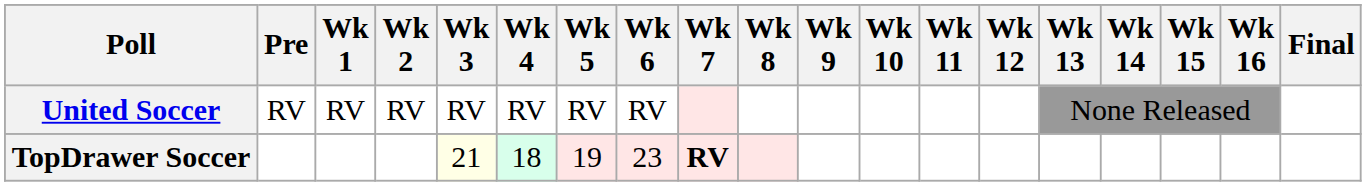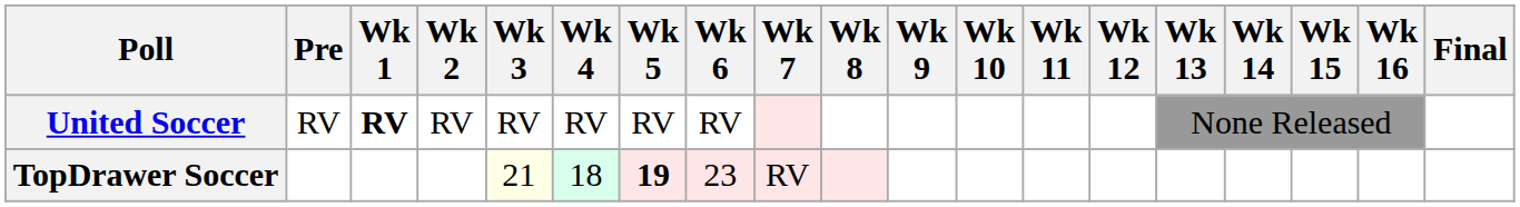 <table class="wikitable" style="white-space:nowrap;text-align:center;">
 <tr>
 <th>Poll</th>
 <th>Pre</th>
 <th>Wk<br>1</th>
 <th>Wk<br>2</th>
 <th>Wk<br>3</th>
 <th>Wk<br>4</th>
 <th>Wk<br>5</th>
 <th>Wk<br>6</th>
 <th>Wk<br>7</th>
 <th>Wk<br>8</th>
 <th>Wk<br>9</th>
 <th>Wk<br>10</th>
 <th>Wk<br>11</th>
 <th>Wk<br>12</th>
 <th>Wk<br>13</th>
 <th>Wk<br>14</th>
 <th>Wk<br>15</th>
 <th>Wk<br>16</th>
 <th>Final<br></th>
 </tr>
 <tr>
 <th><a href='#'>United Soccer</a></th>
 <td style="background:#FFFFFF;">RV</td>
-<td style="background:#FFFFFF;">RV</td>
+<td style="background:#FFFFFF;"><strong>RV</strong></td>
 <td style="background:#FFFFFF;">RV</td>
 <td style="background:#FFFFFF;">RV</td>
 <td style="background:#FFFFFF;">RV</td>
 <td style="background:#FFFFFF;">RV</td>
 <td style="background:#FFFFFF;">RV</td>
 <td style="background:#FFE6E6;"></td>
 <td style="background:#FFFFFF;"></td>
 <td style="background:#FFFFFF;"></td>
 <td style="background:#FFFFFF;"></td>
 <td style="background:#FFFFFF;"></td>
 <td style="background:#FFFFFF;"></td>
 <td colspan=4 style="background:#999;">None Released</td>
 <td style="background:#FFFFFF;"></td>
 </tr>
 <tr>
 <th>TopDrawer Soccer </th>
 <td style="background:#FFFFFF;"></td>
 <td style="background:#FFFFFF;"></td>
 <td style="background:#FFFFFF;"></td>
 <td style="background:#FFFFE6;">21</td>
 <td style="background:#D8FFEB;">18</td>
-<td style="background:#FFE6E6;">19</td>
+<td style="background:#FFE6E6;"><strong>19</strong></td>
 <td style="background:#FFE6E6;">23</td>
-<td style="background:#FFE6E6;"><strong>RV</strong></td>
+<td style="background:#FFE6E6;">RV</td>
 <td style="background:#FFE6E6;"></td>
 <td style="background:#FFFFFF;"></td>
 <td style="background:#FFFFFF;"></td>
 <td style="background:#FFFFFF;"></td>
 <td style="background:#FFFFFF;"></td>
 <td style="background:#FFFFFF;"></td>
 <td style="background:#FFFFFF;"></td>
 <td style="background:#FFFFFF;"></td>
 <td style="background:#FFFFFF;"></td>
 <td style="background:#FFFFFF;"></td>
 </tr>
 </table>
